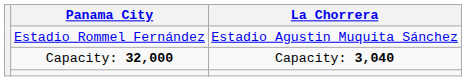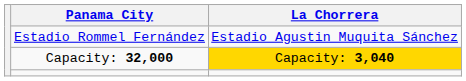 <table class="wikitable" style="text-align:center">
 <tr>
 <th rowspan="4"></th>
 <th><a href='#'>Panama City</a></th>
 <th><a href='#'>La Chorrera</a></th>
 </tr>
 <tr>
 <td><a href='#'>Estadio Rommel Fernández</a></td>
 <td><a href='#'>Estadio Agustin Muquita Sánchez</a></td>
 </tr>
 <tr>
 <td>Capacity: <strong>32,000</strong></td>
-<td>Capacity: <strong>3,040</strong></td>
+<td style="background: gold;">Capacity: <strong>3,040</strong></td>
 </tr>
 <tr>
 <td></td>
 <td></td>
 </tr>
 </table>
